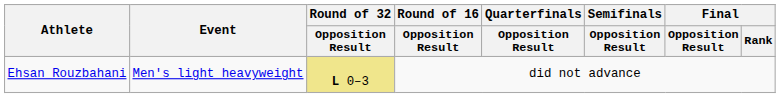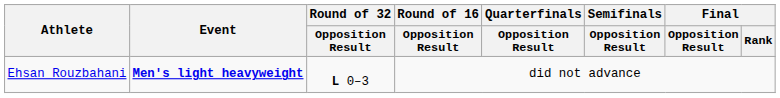 <table class="wikitable" style="font-size:90%">
 <tr>
 <th rowspan=2>Athlete</th>
 <th rowspan=2>Event</th>
 <th>Round of 32</th>
 <th>Round of 16</th>
 <th>Quarterfinals</th>
 <th>Semifinals</th>
 <th colspan=2>Final</th>
 </tr>
 <tr style="font-size:95%">
 <th>Opposition<br>Result</th>
 <th>Opposition<br>Result</th>
 <th>Opposition<br>Result</th>
 <th>Opposition<br>Result</th>
 <th>Opposition<br>Result</th>
 <th>Rank</th>
 </tr>
 <tr align=center>
 <td align=left><a href='#'>Ehsan Rouzbahani</a></td>
-<td align=left><a href='#'>Men's light heavyweight</a></td>
-<td style="background: khaki;"><br><strong>L</strong> 0–3</td>
+<td align=left><strong><a href='#'>Men's light heavyweight</a></strong></td>
+<td><br><strong>L</strong> 0–3</td>
 <td colspan=5>did not advance</td>
 </tr>
 </table>
